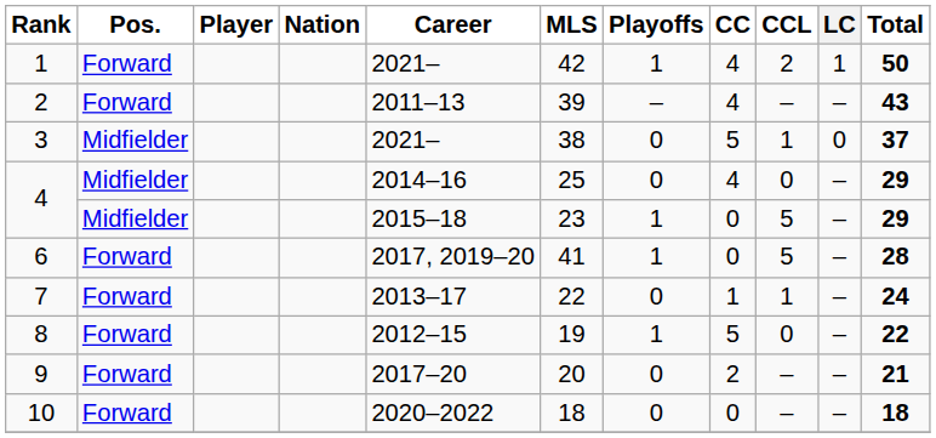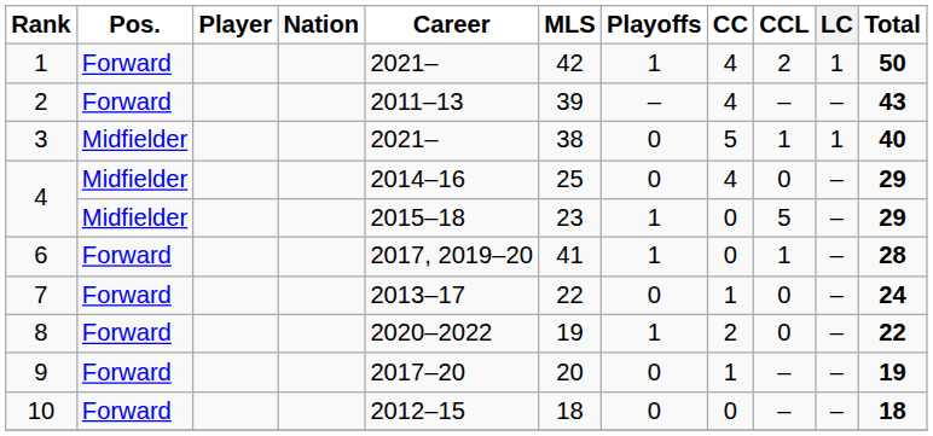 <table class="wikitable sortable" style="text-align:center;">
 <tr>
 <th style="background:#FFF; colour:#14284B;" scope="col">Rank</th>
 <th style="background:#FFF; colour:#14284B;" scope="col">Pos.</th>
 <th style="background:#FFF; colour:#14284B;" scope="col">Player</th>
 <th style="background:#FFF; colour:#14284B;" scope="col">Nation</th>
 <th style="background:#FFF; colour:#14284B;" scope="col">Career</th>
 <th style="background:#FFF; colour:#14284B;" scope="col">MLS</th>
 <th style="background:#FFF; colour:#14284B;" scope="col">Playoffs</th>
 <th style="background:#FFF; colour:#14284B;" scope="col">CC</th>
 <th style="background:#FFF; colour:#14284B;" scope="col">CCL</th>
 <th>LC</th>
 <th style="background:#FFF; colour:#14284B;" scope="col">Total</th>
 </tr>
 <tr>
 <td>1</td>
 <td style="text-align:left;"><a href='#'>Forward</a></td>
 <td style="text-align:left;"><strong></strong></td>
 <td style="text-align:left;"></td>
 <td style="text-align:left;">2021–</td>
 <td>42</td>
 <td>1</td>
 <td>4</td>
 <td>2</td>
 <td>1</td>
 <td><strong>50</strong></td>
 </tr>
 <tr>
 <td>2</td>
 <td style="text-align:left;"><a href='#'>Forward</a></td>
 <td style="text-align:left;"></td>
 <td style="text-align:left;"></td>
 <td style="text-align:left;">2011–13</td>
 <td>39</td>
 <td>–</td>
 <td>4</td>
 <td>–</td>
 <td>–</td>
 <td><strong>43</strong></td>
 </tr>
 <tr>
 <td>3</td>
 <td style="text-align:left;"><a href='#'>Midfielder</a></td>
 <td style="text-align:left;"><strong></strong></td>
 <td style="text-align:left;"></td>
 <td style="text-align:left;">2021–</td>
 <td>38</td>
 <td>0</td>
 <td>5</td>
 <td>1</td>
-<td>0</td>
-<td><strong>37</strong></td>
+<td>1</td>
+<td><strong>40</strong></td>
 </tr>
 <tr>
 <td rowspan="2">4</td>
 <td style="text-align:left;"><a href='#'>Midfielder</a></td>
 <td style="text-align:left;"></td>
 <td style="text-align:left;"></td>
 <td style="text-align:left;">2014–16</td>
 <td>25</td>
 <td>0</td>
 <td>4</td>
 <td>0</td>
 <td>–</td>
 <td><strong>29</strong></td>
 </tr>
 <tr>
 <td style="text-align:left;"><a href='#'>Midfielder</a></td>
 <td style="text-align:left;"></td>
 <td style="text-align:left;"></td>
 <td style="text-align:left;">2015–18</td>
 <td>23</td>
 <td>1</td>
 <td>0</td>
 <td>5</td>
 <td>–</td>
 <td><strong>29</strong></td>
 </tr>
 <tr>
 <td>6</td>
 <td style="text-align:left;"><a href='#'>Forward</a></td>
 <td style="text-align:left;"></td>
 <td style="text-align:left;"></td>
 <td style="text-align:left;">2017, 2019–20</td>
 <td>41</td>
 <td>1</td>
 <td>0</td>
-<td>5</td>
+<td>1</td>
 <td>–</td>
 <td><strong>28</strong></td>
 </tr>
 <tr>
 <td>7</td>
 <td style="text-align:left;"><a href='#'>Forward</a></td>
 <td style="text-align:left;"></td>
 <td style="text-align:left;"></td>
 <td style="text-align:left;">2013–17</td>
 <td>22</td>
 <td>0</td>
 <td>1</td>
-<td>1</td>
+<td>0</td>
 <td>–</td>
 <td><strong>24</strong></td>
 </tr>
 <tr>
 <td>8</td>
 <td style="text-align:left;"><a href='#'>Forward</a></td>
 <td style="text-align:left;"></td>
 <td style="text-align:left;"></td>
-<td style="text-align:left;">2012–15</td>
+<td style="text-align:left;">2020–2022</td>
 <td>19</td>
 <td>1</td>
-<td>5</td>
+<td>2</td>
 <td>0</td>
 <td>–</td>
 <td><strong>22</strong></td>
 </tr>
 <tr>
 <td>9</td>
 <td style="text-align:left;"><a href='#'>Forward</a></td>
 <td style="text-align:left;"></td>
 <td style="text-align:left;"></td>
 <td style="text-align:left;">2017–20</td>
 <td>20</td>
 <td>0</td>
-<td>2</td>
+<td>1</td>
 <td>–</td>
 <td>–</td>
-<td><strong>21</strong></td>
+<td><strong>19</strong></td>
 </tr>
 <tr>
 <td>10</td>
 <td style="text-align:left;"><a href='#'>Forward</a></td>
 <td style="text-align:left;"></td>
 <td style="text-align:left;"></td>
-<td style="text-align:left;">2020–2022</td>
+<td style="text-align:left;">2012–15</td>
 <td>18</td>
 <td>0</td>
 <td>0</td>
 <td>–</td>
 <td>–</td>
 <td><strong>18</strong></td>
 </tr>
 <tr>
 </tr>
 </table>
